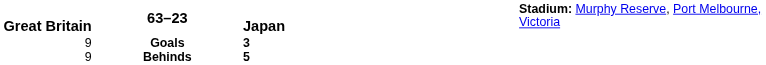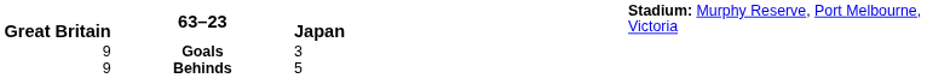 <table style="width: 100%; background: transparent;" cellspacing="0">
 <tr>
 <td align=center valign=top rowspan=3 width=15%></td>
 </tr>
 <tr>
 <td width=24% align=right><br><strong>Great Britain</strong></td>
 <td align=center width=13%><strong>63–23</strong></td>
 <td width=24%><br><strong>Japan</strong></td>
 <td style=font-size:85% rowspan=2 valign=top><strong>Stadium:</strong> <a href='#'>Murphy Reserve</a>, <a href='#'>Port Melbourne, Victoria</a></td>
 </tr>
 <tr style=font-size:85%>
 <td align=right valign=top>9<br> 9</td>
 <td align=center valign=top><strong>Goals <br>Behinds</strong></td>
-<td valign=top><strong>3<br> 5</strong></td>
+<td valign=top>3<br> 5</td>
 </tr>
 </table>
